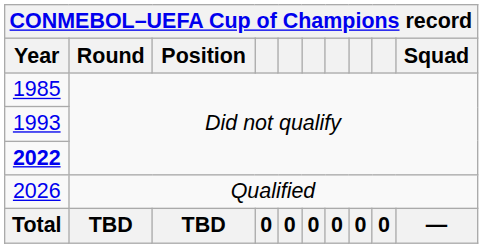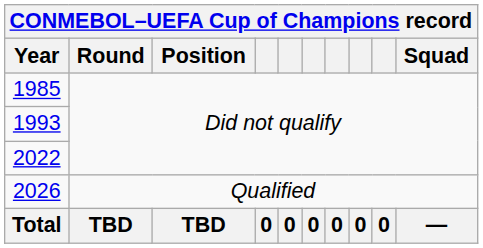 <table class="wikitable" style="text-align: center;">
 <tr>
 <th colspan=10><a href='#'>CONMEBOL–UEFA Cup of Champions</a> record</th>
 </tr>
 <tr>
 <th>Year</th>
 <th>Round</th>
 <th>Position</th>
 <th></th>
 <th></th>
 <th></th>
 <th></th>
 <th></th>
 <th></th>
 <th>Squad</th>
 </tr>
 <tr>
 <td> <a href='#'>1985</a></td>
 <td colspan=9 rowspan=3><em>Did not qualify</em></td>
 </tr>
 <tr>
 <td> <a href='#'>1993</a></td>
 </tr>
 <tr>
-<td><strong> <a href='#'>2022</a></strong></td>
+<td> <a href='#'>2022</a></td>
 </tr>
 <tr>
 <td> <a href='#'>2026</a></td>
 <td colspan=9><em>Qualified</em></td>
 </tr>
 <tr>
 <th>Total</th>
 <th>TBD</th>
 <th>TBD</th>
 <th>0</th>
 <th>0</th>
 <th>0</th>
 <th>0</th>
 <th>0</th>
 <th>0</th>
 <th>—</th>
 </tr>
 </table>
